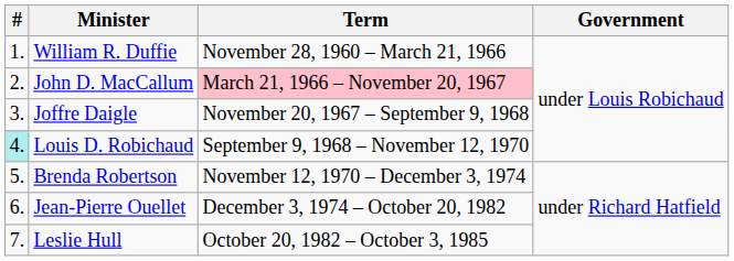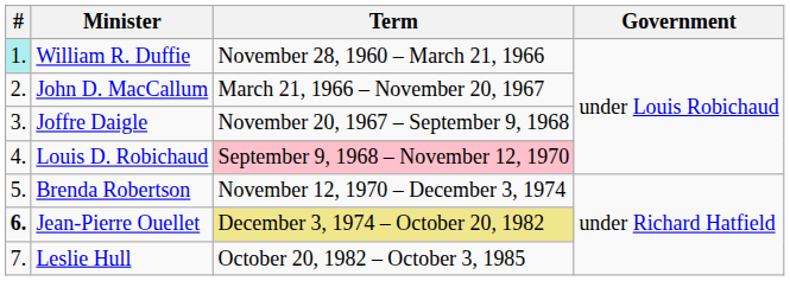 <table class="wikitable">
 <tr>
 <th>#</th>
 <th>Minister</th>
 <th>Term</th>
 <th>Government</th>
 </tr>
 <tr>
-<td>1.</td>
+<td style="background: paleturquoise;">1.</td>
 <td><a href='#'>William R. Duffie</a></td>
 <td>November 28, 1960 – March 21, 1966</td>
 <td rowspan=4>under <a href='#'>Louis Robichaud</a></td>
 </tr>
 <tr>
 <td>2.</td>
 <td><a href='#'>John D. MacCallum</a></td>
-<td style="background: pink;">March 21, 1966 – November 20, 1967</td>
+<td>March 21, 1966 – November 20, 1967</td>
 </tr>
 <tr>
 <td>3.</td>
 <td><a href='#'>Joffre Daigle</a></td>
 <td>November 20, 1967 – September 9, 1968</td>
 </tr>
 <tr>
-<td style="background: paleturquoise;">4.</td>
+<td>4.</td>
 <td><a href='#'>Louis D. Robichaud</a></td>
-<td>September 9, 1968 – November 12, 1970</td>
+<td style="background: pink;">September 9, 1968 – November 12, 1970</td>
 </tr>
 <tr>
 <td>5.</td>
 <td><a href='#'>Brenda Robertson</a></td>
 <td>November 12, 1970 – December 3, 1974</td>
 <td rowspan=3>under <a href='#'>Richard Hatfield</a></td>
 </tr>
 <tr>
-<td>6.</td>
+<td><strong>6.</strong></td>
 <td><a href='#'>Jean-Pierre Ouellet</a></td>
-<td>December 3, 1974 – October 20, 1982</td>
+<td style="background: khaki;">December 3, 1974 – October 20, 1982</td>
 </tr>
 <tr>
 <td>7.</td>
 <td><a href='#'>Leslie Hull</a></td>
 <td>October 20, 1982 – October 3, 1985</td>
 </tr>
 </table>
